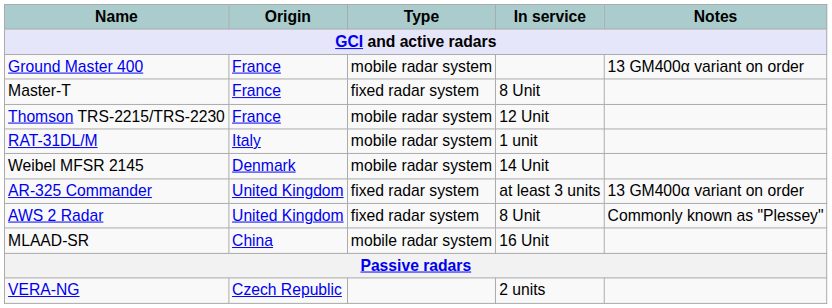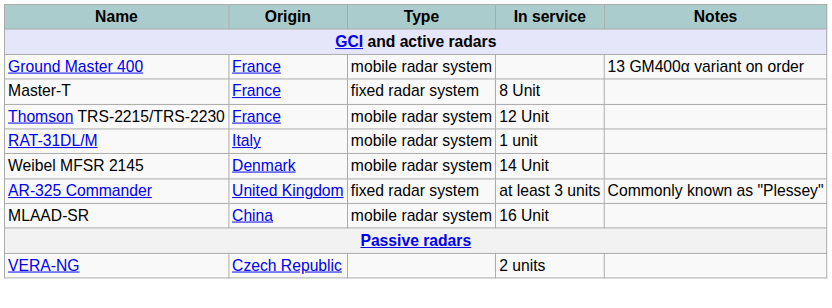 <table class="wikitable">
 <tr>
 <th style="text-align:center; background:#acc;">Name</th>
 <th style="text-align: center; background:#acc;">Origin</th>
 <th style="text-align:l center; background:#acc;">Type</th>
 <th style="text-align:l center; background:#acc;">In service</th>
 <th style="text-align: center; background:#acc;">Notes</th>
 </tr>
 <tr>
 <th colspan="5" style="align: center; background: lavender;"><a href='#'>GCI</a> and active radars</th>
 </tr>
 <tr>
 <td><a href='#'>Ground Master 400</a></td>
 <td><a href='#'>France</a></td>
 <td>mobile radar system</td>
 <td></td>
 <td>13 GM400α variant on order</td>
 </tr>
 <tr>
 <td>Master-T</td>
 <td><a href='#'>France</a></td>
 <td>fixed radar system</td>
 <td>8 Unit</td>
 <td></td>
 </tr>
 <tr>
 <td><a href='#'>Thomson</a> TRS-2215/TRS-2230</td>
 <td><a href='#'>France</a></td>
 <td>mobile radar system</td>
 <td>12 Unit</td>
 <td></td>
 </tr>
 <tr>
 <td><a href='#'>RAT-31DL/M</a></td>
 <td><a href='#'>Italy</a></td>
 <td>mobile radar system</td>
 <td>1 unit</td>
 <td></td>
 </tr>
 <tr>
 <td>Weibel MFSR 2145</td>
 <td><a href='#'>Denmark</a></td>
 <td>mobile radar system</td>
 <td>14 Unit</td>
 <td></td>
 </tr>
 <tr>
 <td><a href='#'>AR-325 Commander</a></td>
 <td><a href='#'>United Kingdom</a></td>
 <td>fixed radar system</td>
 <td>at least 3 units</td>
-<td>13 GM400α variant on order</td>
-</tr>
-<tr>
-<td><a href='#'>AWS 2 Radar</a></td>
-<td><a href='#'>United Kingdom</a></td>
-<td>fixed radar system</td>
-<td>8 Unit</td>
 <td>Commonly known as "Plessey"</td>
 </tr>
 <tr>
 <td>MLAAD-SR</td>
 <td><a href='#'>China</a></td>
 <td>mobile radar system</td>
 <td>16 Unit</td>
 <td></td>
 </tr>
 <tr>
 <th colspan="5"><a href='#'>Passive radars</a></th>
 </tr>
 <tr>
 <td><a href='#'>VERA-NG</a></td>
 <td><a href='#'>Czech Republic</a></td>
 <td></td>
 <td>2 units</td>
 <td></td>
 </tr>
 </table>
